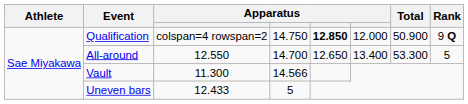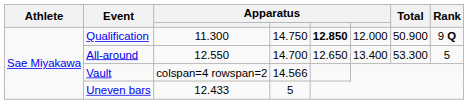 <table class="wikitable" style="font-size:90%">
 <tr>
 <th rowspan=2>Athlete</th>
 <th rowspan=2>Event</th>
 <th colspan =4>Apparatus</th>
 <th rowspan=2>Total</th>
 <th rowspan=2>Rank</th>
 </tr>
 <tr style="font-size:95%">
 <th></th>
 <th></th>
 <th></th>
 <th></th>
 </tr>
 <tr align=center>
 <td align=left rowspan=4><a href='#'>Sae Miyakawa</a></td>
 <td align=left><a href='#'>Qualification</a></td>
-<td>colspan=4 rowspan=2 </td>
+<td>11.300</td>
 <td>14.750</td>
 <td><strong>12.850</strong></td>
 <td>12.000</td>
 <td>50.900</td>
 <td>9 <strong>Q</strong></td>
 </tr>
 <tr align=center>
 <td align=left><a href='#'>All-around</a></td>
 <td>12.550</td>
 <td>14.700</td>
 <td>12.650</td>
 <td>13.400</td>
 <td>53.300</td>
 <td>5</td>
 </tr>
 <tr align=center>
 <td align=left><a href='#'>Vault</a></td>
-<td>11.300</td>
+<td>colspan=4 rowspan=2 </td>
 <td>14.566</td>
 <td></td>
 </tr>
 <tr align=center>
 <td align=left><a href='#'>Uneven bars</a></td>
 <td>12.433</td>
 <td>5</td>
 </tr>
 </table>
